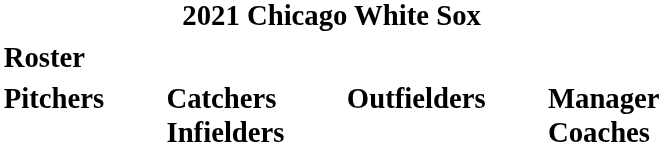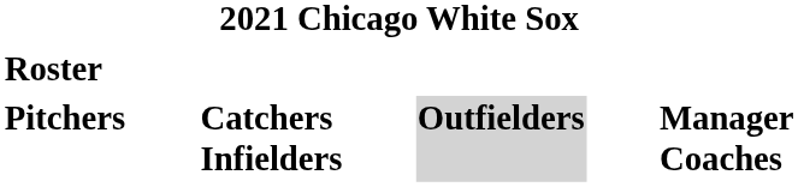 <table class="toccolours" style="font-size: 95%;">
 <tr>
 <th colspan="10">2021 Chicago White Sox</th>
 </tr>
 <tr>
 <td colspan="10"><strong>Roster</strong></td>
 </tr>
 <tr>
 <td valign="top"><strong>Pitchers</strong><br>                      </td>
 <td style="width:25px;"></td>
 <td valign="top"><strong>Catchers</strong><br>    <strong>Infielders</strong>        </td>
 <td style="width:25px;"></td>
-<td valign="top"><strong>Outfielders</strong><br>           </td>
+<td valign="top" style="background: lightgrey;"><strong>Outfielders</strong><br>           </td>
 <td style="width:25px;"></td>
 <td valign="top"><strong>Manager</strong><br>  <strong>Coaches</strong>                      </td>
 </tr>
 </table>
